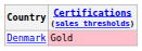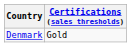 <table class="wikitable" border="1">
 <tr>
 <th>Country</th>
 <th><a href='#'>Certifications</a><br><small>(<a href='#'>sales thresholds</a>)</small></th>
 </tr>
 <tr>
 <td><a href='#'>Denmark</a></td>
-<td style="background: pink;">Gold</td>
+<td>Gold</td>
 </tr>
 </table>
